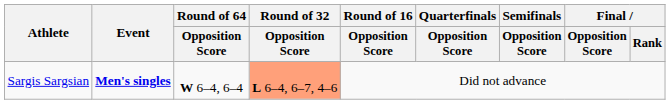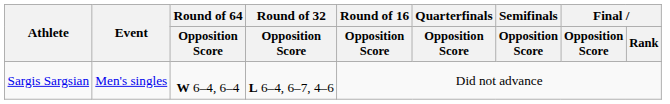 <table class=wikitable style="font-size:90%">
 <tr>
 <th rowspan="2">Athlete</th>
 <th rowspan="2">Event</th>
 <th>Round of 64</th>
 <th>Round of 32</th>
 <th>Round of 16</th>
 <th>Quarterfinals</th>
 <th>Semifinals</th>
 <th colspan=2>Final / </th>
 </tr>
 <tr style="font-size:95%">
 <th>Opposition<br>Score</th>
 <th>Opposition<br>Score</th>
 <th>Opposition<br>Score</th>
 <th>Opposition<br>Score</th>
 <th>Opposition<br>Score</th>
 <th>Opposition<br>Score</th>
 <th>Rank</th>
 </tr>
 <tr align=center>
 <td align=left><a href='#'>Sargis Sargsian</a></td>
-<td align=left><strong><a href='#'>Men's singles</a></strong></td>
+<td align=left><a href='#'>Men's singles</a></td>
 <td><br><strong>W</strong> 6–4, 6–4</td>
-<td style="background: lightsalmon;"><br><strong>L</strong> 6–4, 6–7, 4–6</td>
+<td><br><strong>L</strong> 6–4, 6–7, 4–6</td>
 <td colspan=5>Did not advance</td>
 </tr>
 </table>
